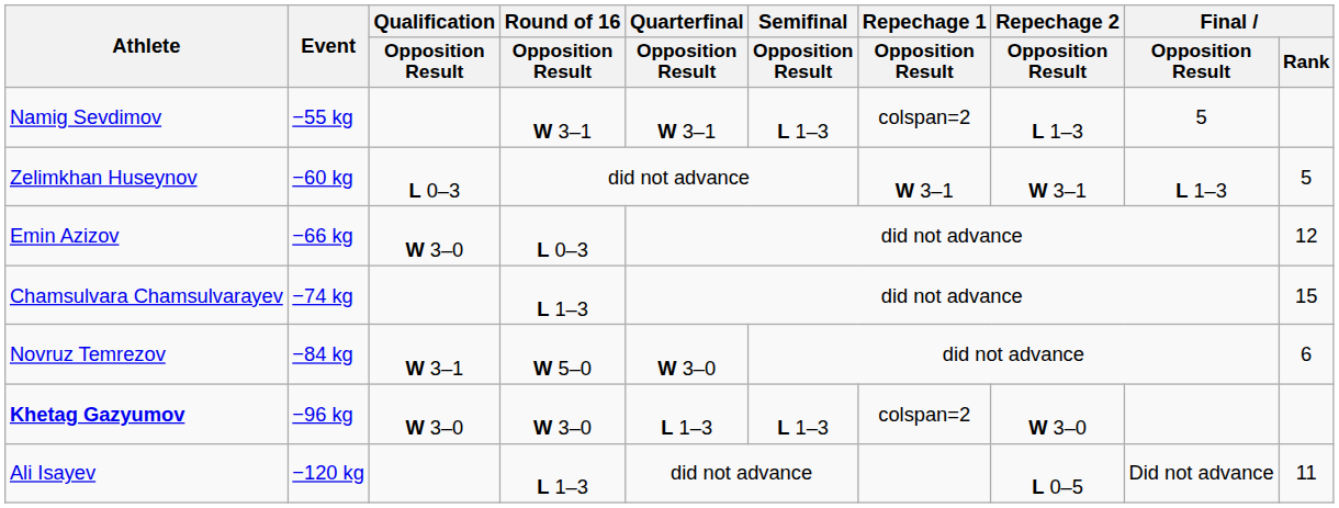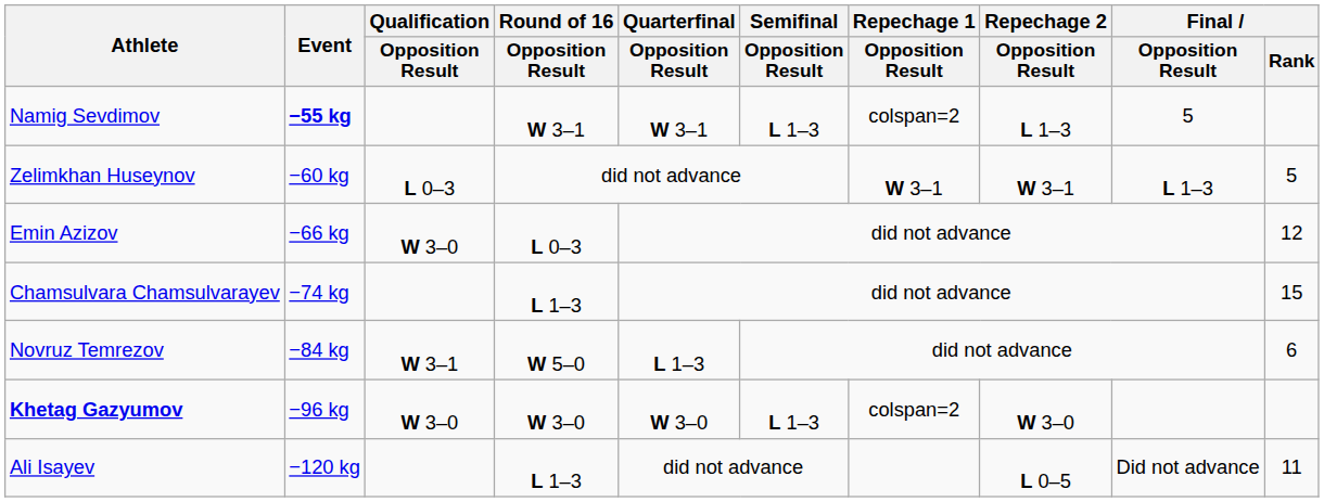 <table class="wikitable" style="font-size:90%">
 <tr>
 <th rowspan="2">Athlete</th>
 <th rowspan="2">Event</th>
 <th>Qualification</th>
 <th>Round of 16</th>
 <th>Quarterfinal</th>
 <th>Semifinal</th>
 <th>Repechage 1</th>
 <th>Repechage 2</th>
 <th colspan=2>Final / </th>
 </tr>
 <tr style="font-size: 95%">
 <th>Opposition<br>Result</th>
 <th>Opposition<br>Result</th>
 <th>Opposition<br>Result</th>
 <th>Opposition<br>Result</th>
 <th>Opposition<br>Result</th>
 <th>Opposition<br>Result</th>
 <th>Opposition<br>Result</th>
 <th>Rank</th>
 </tr>
 <tr align=center>
 <td align=left><a href='#'>Namig Sevdimov</a></td>
-<td align=left><a href='#'>−55 kg</a></td>
+<td align=left><strong><a href='#'>−55 kg</a></strong></td>
 <td></td>
 <td><br><strong>W</strong> 3–1 <sup></sup></td>
 <td><br><strong>W</strong> 3–1 <sup></sup></td>
 <td><br><strong>L</strong> 1–3 <sup></sup></td>
 <td>colspan=2 </td>
 <td><br><strong>L</strong> 1–3 <sup></sup></td>
 <td>5</td>
 </tr>
 <tr align=center>
 <td align=left><a href='#'>Zelimkhan Huseynov</a></td>
 <td align=left><a href='#'>−60 kg</a></td>
 <td><br><strong>L</strong> 0–3 <sup></sup></td>
 <td colspan=3>did not advance</td>
 <td><br><strong>W</strong> 3–1 <sup></sup></td>
 <td><br><strong>W</strong> 3–1 <sup></sup></td>
 <td><br><strong>L</strong> 1–3 <sup></sup></td>
 <td>5</td>
 </tr>
 <tr align=center>
 <td align=left><a href='#'>Emin Azizov</a></td>
 <td align=left><a href='#'>−66 kg</a></td>
 <td><br><strong>W</strong> 3–0 <sup></sup></td>
 <td><br><strong>L</strong> 0–3 <sup></sup></td>
 <td colspan=5>did not advance</td>
 <td>12</td>
 </tr>
 <tr align=center>
 <td align=left><a href='#'>Chamsulvara Chamsulvarayev</a></td>
 <td align=left><a href='#'>−74 kg</a></td>
 <td></td>
 <td><br><strong>L</strong> 1–3 <sup></sup></td>
 <td colspan=5>did not advance</td>
 <td>15</td>
 </tr>
 <tr align=center>
 <td align=left><a href='#'>Novruz Temrezov</a></td>
 <td align=left><a href='#'>−84 kg</a></td>
 <td><br><strong>W</strong> 3–1 <sup></sup></td>
 <td><br><strong>W</strong> 5–0 <sup></sup></td>
-<td><br><strong>W</strong> 3–0 <sup></sup></td>
+<td><br><strong>L</strong> 1–3 <sup></sup></td>
 <td colspan=4>did not advance</td>
 <td>6</td>
 </tr>
 <tr align=center>
 <td align=left><strong><a href='#'>Khetag Gazyumov</a></strong></td>
 <td align=left><a href='#'>−96 kg</a></td>
 <td><br><strong>W</strong> 3–0 <sup></sup></td>
 <td><br><strong>W</strong> 3–0 <sup></sup></td>
-<td><br><strong>L</strong> 1–3 <sup></sup></td>
+<td><br><strong>W</strong> 3–0 <sup></sup></td>
 <td><br><strong>L</strong> 1–3 <sup></sup></td>
 <td>colspan=2 </td>
 <td><br><strong>W</strong> 3–0 <sup></sup></td>
 <td></td>
 </tr>
 <tr align=center>
 <td align=left><a href='#'>Ali Isayev</a></td>
 <td align=left><a href='#'>−120 kg</a></td>
 <td></td>
 <td><br><strong>L</strong> 1–3 <sup></sup></td>
 <td colspan=2>did not advance</td>
 <td></td>
 <td><br><strong>L</strong> 0–5 <sup></sup></td>
 <td>Did not advance</td>
 <td>11</td>
 </tr>
 </table>
